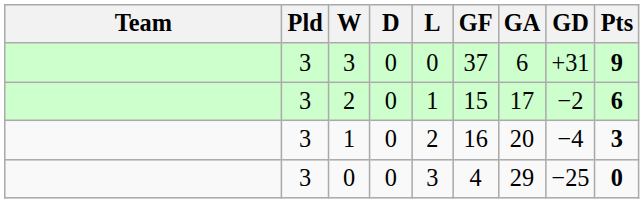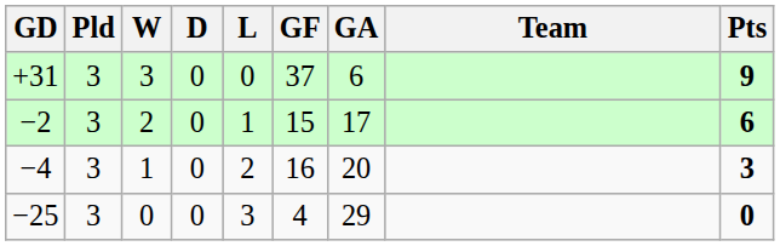 <table class="wikitable" style="text-align: center;">
 <tr>
-<th width="175">Team</th>
+<th width="20">GD</th>
 <th width="20">Pld</th>
 <th width="20">W</th>
 <th width="20">D</th>
 <th width="20">L</th>
 <th width="20">GF</th>
 <th width="20">GA</th>
-<th width="20">GD</th>
+<th width="175">Team</th>
 <th width="20">Pts</th>
 </tr>
 <tr bgcolor=#ccffcc>
-<td align=left></td>
+<td>+31</td>
 <td>3</td>
 <td>3</td>
 <td>0</td>
 <td>0</td>
 <td>37</td>
 <td>6</td>
-<td>+31</td>
+<td align=left></td>
 <td><strong>9</strong></td>
 </tr>
 <tr bgcolor=#ccffcc>
-<td align=left></td>
+<td>−2</td>
 <td>3</td>
 <td>2</td>
 <td>0</td>
 <td>1</td>
 <td>15</td>
 <td>17</td>
-<td>−2</td>
+<td align=left></td>
 <td><strong>6</strong></td>
 </tr>
 <tr>
-<td align=left></td>
+<td>−4</td>
 <td>3</td>
 <td>1</td>
 <td>0</td>
 <td>2</td>
 <td>16</td>
 <td>20</td>
-<td>−4</td>
+<td align=left></td>
 <td><strong>3</strong></td>
 </tr>
 <tr>
-<td align=left></td>
+<td>−25</td>
 <td>3</td>
 <td>0</td>
 <td>0</td>
 <td>3</td>
 <td>4</td>
 <td>29</td>
-<td>−25</td>
+<td align=left></td>
 <td><strong>0</strong></td>
 </tr>
 </table>
